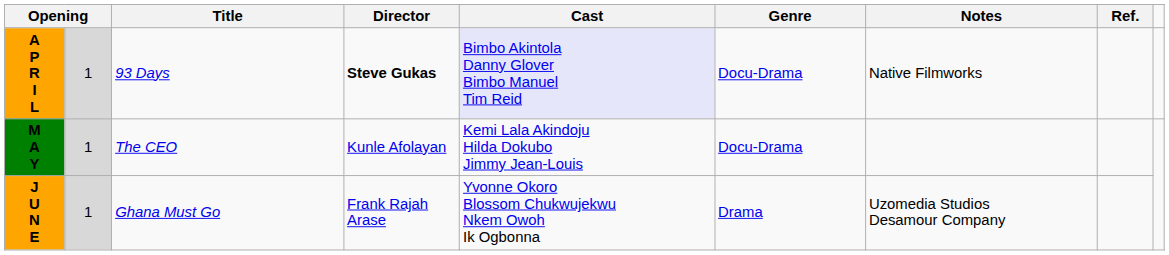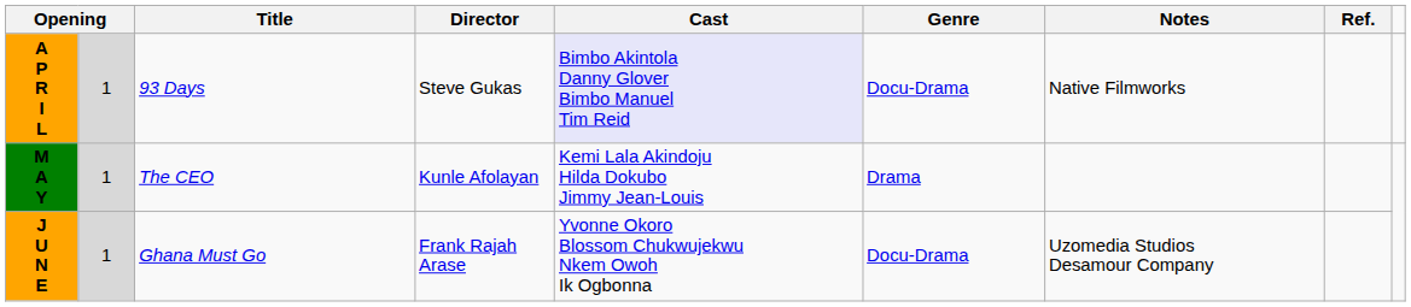 <table class="wikitable">
 <tr>
 <th colspan="2">Opening</th>
 <th style="width:20%;">Title</th>
 <th style="width:10%;">Director</th>
 <th>Cast</th>
 <th style="width:13%">Genre</th>
 <th style="width:20%">Notes</th>
 <th>Ref.</th>
 </tr>
 <tr>
 <td rowspan=1 style="text-align:center; background:orange; textcolor:#000;"><strong>A<br>P<br>R<br>I<br>L<br></strong></td>
 <td rowspan=1 style="text-align:center; background:#d8d8d8; textcolor:#000;">1</td>
 <td><em><a href='#'>93 Days</a></em></td>
-<td><strong>Steve Gukas</strong></td>
+<td>Steve Gukas</td>
 <td style="background: lavender;"><a href='#'>Bimbo Akintola</a><br><a href='#'>Danny Glover</a><br><a href='#'>Bimbo Manuel</a><br><a href='#'>Tim Reid</a></td>
 <td><a href='#'>Docu-Drama</a></td>
 <td>Native Filmworks</td>
 <td></td>
 <td></td>
 </tr>
 <tr>
 <td rowspan=1 style="text-align:center; background:green; textcolor:#000;"><strong>M<br>A<br>Y<br></strong></td>
 <td rowspan=1 style="text-align:center; background:#d8d8d8; textcolor:#000;">1</td>
 <td><em><a href='#'>The CEO</a></em></td>
 <td><a href='#'>Kunle Afolayan</a></td>
 <td><a href='#'>Kemi Lala Akindoju</a><br><a href='#'>Hilda Dokubo</a><br><a href='#'>Jimmy Jean-Louis</a></td>
-<td><a href='#'>Docu-Drama</a></td>
+<td><a href='#'>Drama</a></td>
 <td></td>
 <td></td>
 </tr>
 <tr>
 <td rowspan=1 style="text-align:center; background:orange; textcolor:#000;"><strong>J<br>U<br>N<br>E<br></strong></td>
 <td rowspan=1 style="text-align:center; background:#d8d8d8; textcolor:#000;">1</td>
 <td><em><a href='#'>Ghana Must Go</a></em></td>
 <td><a href='#'>Frank Rajah Arase</a></td>
 <td><a href='#'>Yvonne Okoro</a><br><a href='#'>Blossom Chukwujekwu</a><br><a href='#'>Nkem Owoh</a><br>Ik Ogbonna</td>
-<td><a href='#'>Drama</a></td>
+<td><a href='#'>Docu-Drama</a></td>
 <td>Uzomedia Studios <br> Desamour Company</td>
 <td></td>
 </tr>
 </table>
